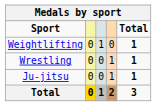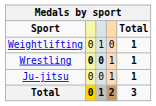 <table class=wikitable style="font-size:85%; float:right;text-align:center">
 <tr bgcolor=EFEFEF>
 <th colspan=7><strong>Medals by sport</strong></th>
 </tr>
 <tr>
 <td><strong>Sport</strong></td>
 <td bgcolor=F7F6A8></td>
 <td bgcolor=DCE5E5></td>
 <td bgcolor=FFDBA9></td>
 <td><strong>Total</strong></td>
 </tr>
 <tr>
 <td><a href='#'>Weightlifting</a></td>
 <td bgcolor=F7F6A8>0</td>
 <td bgcolor=DCE5E5>1</td>
 <td bgcolor=FFDAB9>0</td>
 <td><strong>1</strong></td>
 </tr>
 <tr>
 <td><a href='#'>Wrestling</a></td>
-<td bgcolor=F7F6A8>0</td>
-<td bgcolor=DCE5E5>0</td>
+<td bgcolor=F7F6A8><strong>0</strong></td>
+<td bgcolor=DCE5E5><strong>0</strong></td>
 <td bgcolor=FFDAB9>1</td>
 <td><strong>1</strong></td>
 </tr>
 <tr>
 <td><a href='#'>Ju-jitsu</a></td>
 <td bgcolor=F7F6A8>0</td>
 <td bgcolor=DCE5E5>0</td>
 <td bgcolor=FFDAB9>1</td>
 <td><strong>1</strong></td>
 </tr>
 <tr>
 <th><strong>Total</strong></th>
 <td style="background:gold;"><strong>0</strong></td>
 <td style="background:silver;"><strong>1</strong></td>
 <td style="background:#c96;"><strong>2</strong></td>
 <td><strong>3</strong></td>
 </tr>
 </table>
